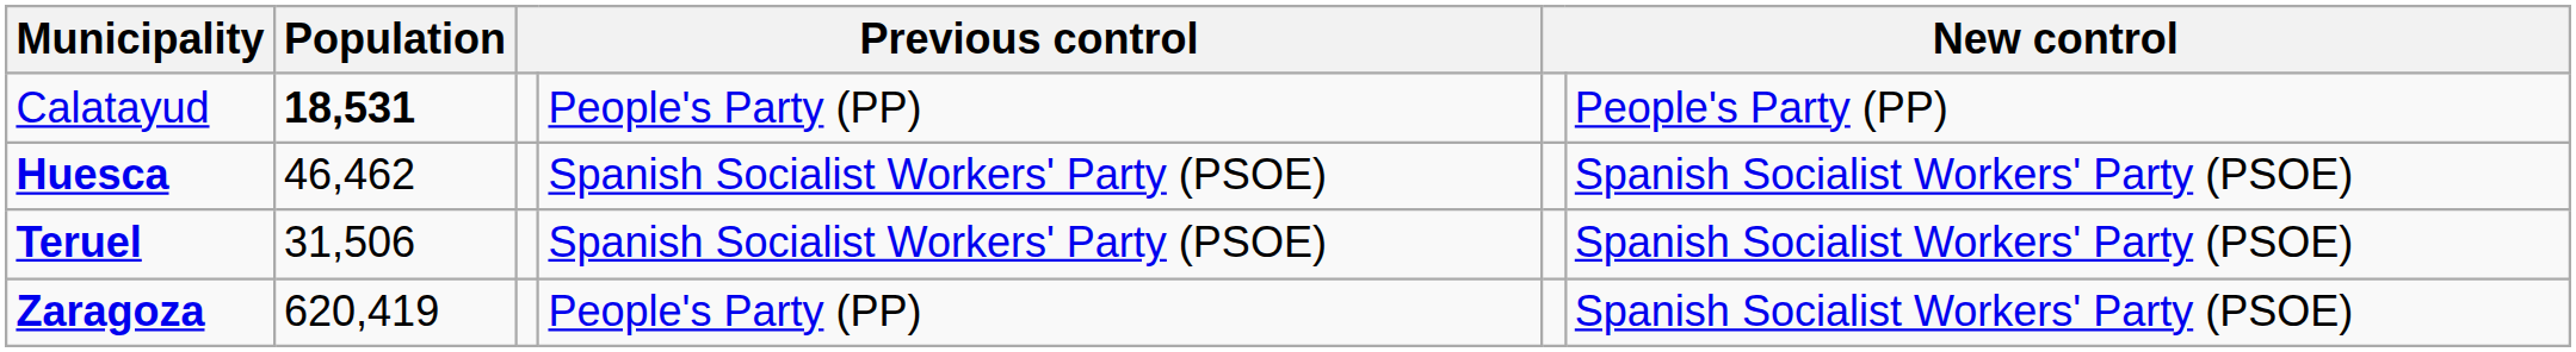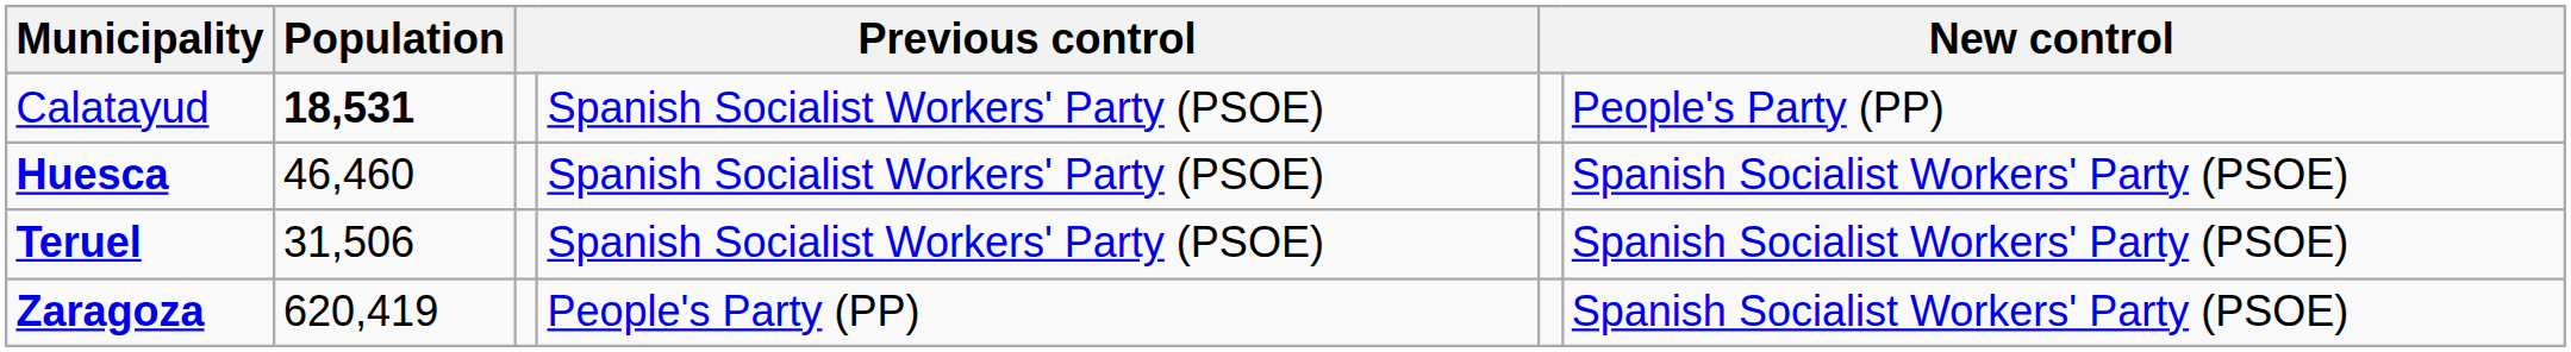 <table class="wikitable sortable">
 <tr>
 <th>Municipality</th>
 <th>Population</th>
 <th colspan="2" style="width:375px;">Previous control</th>
 <th colspan="2" style="width:375px;">New control</th>
 </tr>
 <tr>
 <td><a href='#'>Calatayud</a></td>
 <td><strong>18,531</strong></td>
 <td width="1" style="color:inherit;background:"></td>
-<td><a href='#'>People's Party</a> (PP)</td>
+<td><a href='#'>Spanish Socialist Workers' Party</a> (PSOE)</td>
 <td width="1" style="color:inherit;background:"></td>
 <td><a href='#'>People's Party</a> (PP)</td>
 </tr>
 <tr>
 <td><strong><a href='#'>Huesca</a></strong></td>
-<td>46,462</td>
+<td>46,460</td>
 <td style="color:inherit;background:"></td>
 <td><a href='#'>Spanish Socialist Workers' Party</a> (PSOE)</td>
 <td style="color:inherit;background:"></td>
 <td><a href='#'>Spanish Socialist Workers' Party</a> (PSOE)</td>
 </tr>
 <tr>
 <td><strong><a href='#'>Teruel</a></strong></td>
 <td>31,506</td>
 <td style="color:inherit;background:"></td>
 <td><a href='#'>Spanish Socialist Workers' Party</a> (PSOE)</td>
 <td style="color:inherit;background:"></td>
 <td><a href='#'>Spanish Socialist Workers' Party</a> (PSOE)</td>
 </tr>
 <tr>
 <td><strong><a href='#'>Zaragoza</a></strong></td>
 <td>620,419</td>
 <td style="color:inherit;background:"></td>
 <td><a href='#'>People's Party</a> (PP)</td>
 <td style="color:inherit;background:"></td>
 <td><a href='#'>Spanish Socialist Workers' Party</a> (PSOE)</td>
 </tr>
 </table>
